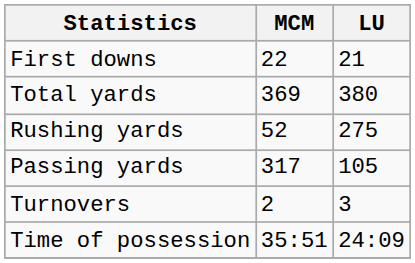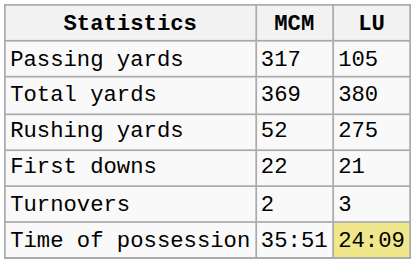 <table class="wikitable">
 <tr>
 <th>Statistics</th>
 <th>MCM</th>
 <th>LU</th>
 </tr>
 <tr>
-<td>First downs</td>
-<td>22</td>
-<td>21</td>
+<td>Passing yards</td>
+<td>317</td>
+<td>105</td>
 </tr>
 <tr>
 <td>Total yards</td>
 <td>369</td>
 <td>380</td>
 </tr>
 <tr>
 <td>Rushing yards</td>
 <td>52</td>
 <td>275</td>
 </tr>
 <tr>
-<td>Passing yards</td>
-<td>317</td>
-<td>105</td>
+<td>First downs</td>
+<td>22</td>
+<td>21</td>
 </tr>
 <tr>
 <td>Turnovers</td>
 <td>2</td>
 <td>3</td>
 </tr>
 <tr>
 <td>Time of possession</td>
 <td>35:51</td>
-<td>24:09</td>
+<td style="background: khaki;">24:09</td>
 </tr>
 <tr>
 </tr>
 </table>
